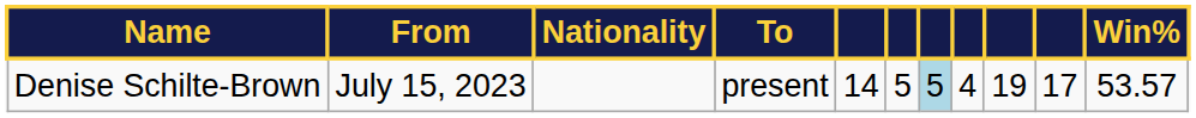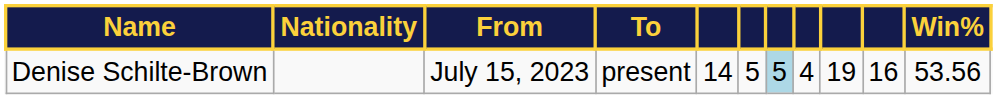 <table class="wikitable" style="text-align: center;">
 <tr>
 <th style="background:#141B4D; color:#FBD13B; border:2px solid #FBD13B;" scope="col">Name</th>
+<th style="background:#141B4D; color:#FBD13B; border:2px solid #FBD13B;" scope="col">Nationality</th>
 <th style="background:#141B4D; color:#FBD13B; border:2px solid #FBD13B;" scope="col">From</th>
-<th style="background:#141B4D; color:#FBD13B; border:2px solid #FBD13B;" scope="col">Nationality</th>
 <th style="background:#141B4D; color:#FBD13B; border:2px solid #FBD13B;" scope="col">To</th>
 <th style="background:#141B4D; color:#FBD13B; border:2px solid #FBD13B;" scope="col"></th>
 <th style="background:#141B4D; color:#FBD13B; border:2px solid #FBD13B;" scope="col"></th>
 <th style="background:#141B4D; color:#FBD13B; border:2px solid #FBD13B;" scope="col"></th>
 <th style="background:#141B4D; color:#FBD13B; border:2px solid #FBD13B;" scope="col"></th>
 <th style="background:#141B4D; color:#FBD13B; border:2px solid #FBD13B;" scope="col"></th>
 <th style="background:#141B4D; color:#FBD13B; border:2px solid #FBD13B;" scope="col"></th>
 <th style="background:#141B4D; color:#FBD13B; border:2px solid #FBD13B;" scope="col">Win%</th>
 </tr>
 <tr>
 <td {{sortname>Denise Schilte-Brown</td>
+<td></td>
 <td style="text-align:center;">July 15, 2023</td>
-<td></td>
 <td style="text-align:center;">present</td>
 <td>14</td>
 <td>5</td>
 <td style="background: lightblue;">5</td>
 <td>4</td>
 <td>19</td>
-<td>17</td>
-<td>53.57</td>
+<td>16</td>
+<td>53.56</td>
 </tr>
 </table>
